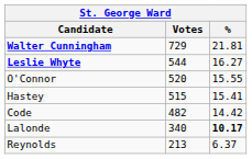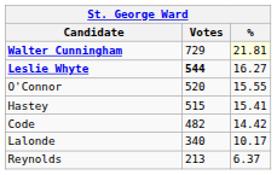 <table class="wikitable">
 <tr>
 <th colspan="3"><a href='#'>St. George Ward</a></th>
 </tr>
 <tr>
 <th style="width: 200px">Candidate</th>
 <th style="width: 50px">Votes</th>
 <th style="width: 40px">%</th>
 </tr>
 <tr>
 <td><strong><a href='#'>Walter Cunningham</a></strong></td>
 <td>729</td>
-<td>21.81</td>
+<td style="background: lightyellow;">21.81</td>
 </tr>
 <tr>
 <td><strong><a href='#'>Leslie Whyte</a></strong></td>
-<td>544</td>
+<td><strong>544</strong></td>
 <td>16.27</td>
 </tr>
 <tr>
 <td>O'Connor</td>
 <td>520</td>
 <td>15.55</td>
 </tr>
 <tr>
 <td>Hastey</td>
 <td>515</td>
 <td>15.41</td>
 </tr>
 <tr>
 <td>Code</td>
 <td>482</td>
 <td>14.42</td>
 </tr>
 <tr>
 <td>Lalonde</td>
 <td>340</td>
-<td><strong>10.17</strong></td>
+<td>10.17</td>
 </tr>
 <tr>
 <td>Reynolds</td>
 <td>213</td>
 <td>6.37</td>
 </tr>
 </table>
